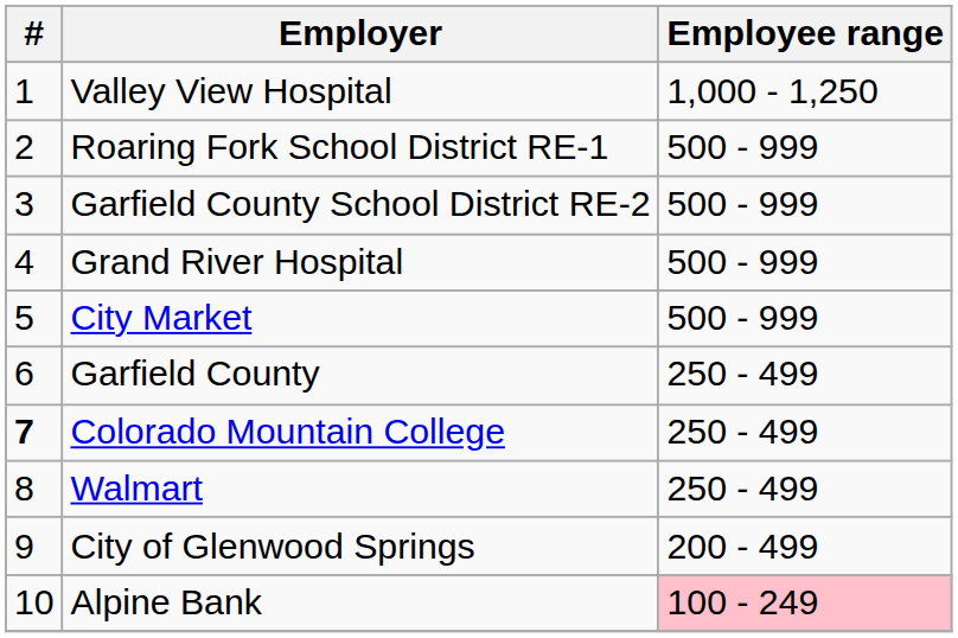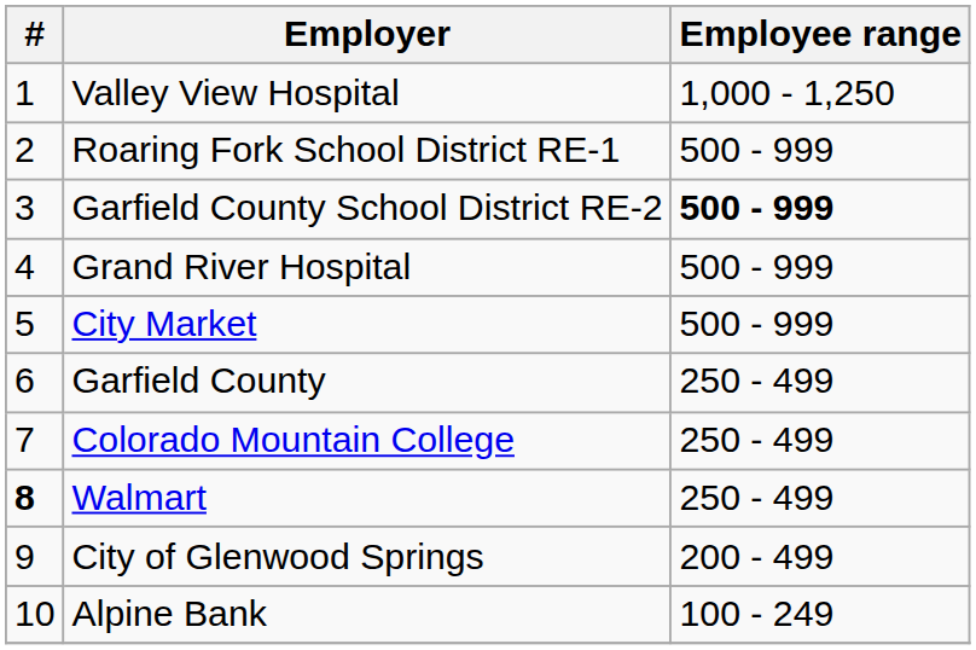 <table class="wikitable sortable">
 <tr>
 <th>#</th>
 <th>Employer</th>
 <th>Employee range</th>
 </tr>
 <tr>
 <td>1</td>
 <td>Valley View Hospital</td>
 <td>1,000 - 1,250</td>
 </tr>
 <tr>
 <td>2</td>
 <td>Roaring Fork School District RE-1</td>
 <td>500 - 999</td>
 </tr>
 <tr>
 <td>3</td>
 <td>Garfield County School District RE-2</td>
-<td>500 - 999</td>
+<td><strong>500 - 999</strong></td>
 </tr>
 <tr>
 <td>4</td>
 <td>Grand River Hospital</td>
 <td>500 - 999</td>
 </tr>
 <tr>
 <td>5</td>
 <td><a href='#'>City Market</a></td>
 <td>500 - 999</td>
 </tr>
 <tr>
 <td>6</td>
 <td>Garfield County</td>
 <td>250 - 499</td>
 </tr>
 <tr>
-<td><strong>7</strong></td>
+<td>7</td>
 <td><a href='#'>Colorado Mountain College</a></td>
 <td>250 - 499</td>
 </tr>
 <tr>
-<td>8</td>
+<td><strong>8</strong></td>
 <td><a href='#'>Walmart</a></td>
 <td>250 - 499</td>
 </tr>
 <tr>
 <td>9</td>
 <td>City of Glenwood Springs</td>
 <td>200 - 499</td>
 </tr>
 <tr>
 <td>10</td>
 <td>Alpine Bank</td>
-<td style="background: pink;">100 - 249</td>
+<td>100 - 249</td>
 </tr>
 <tr>
 </tr>
 </table>
